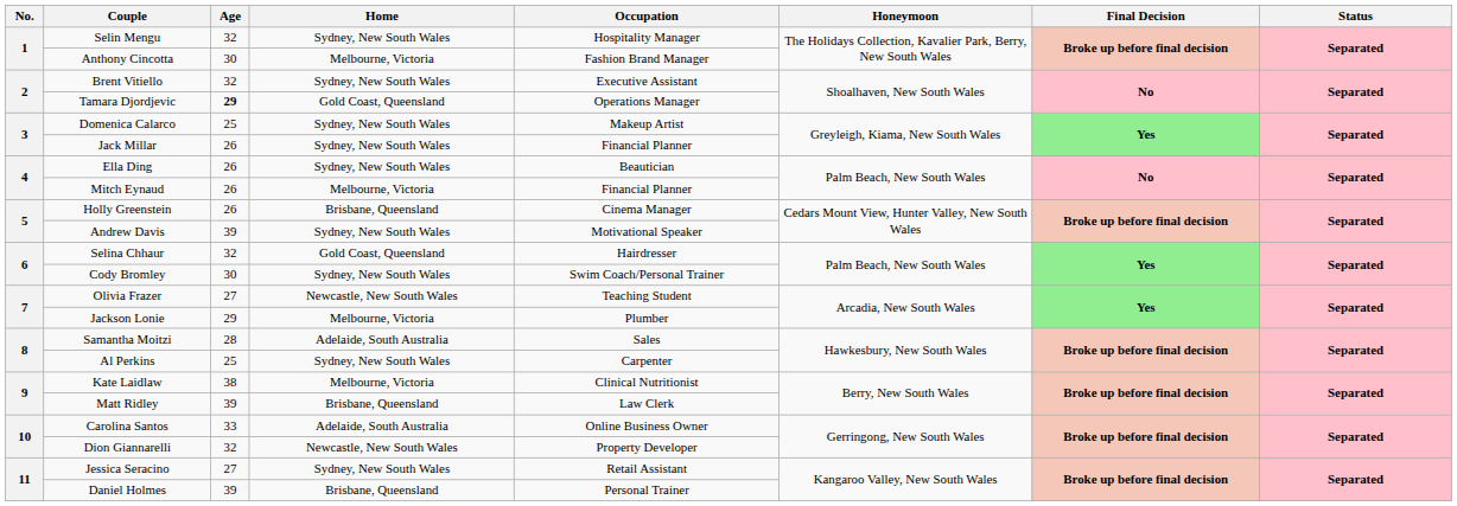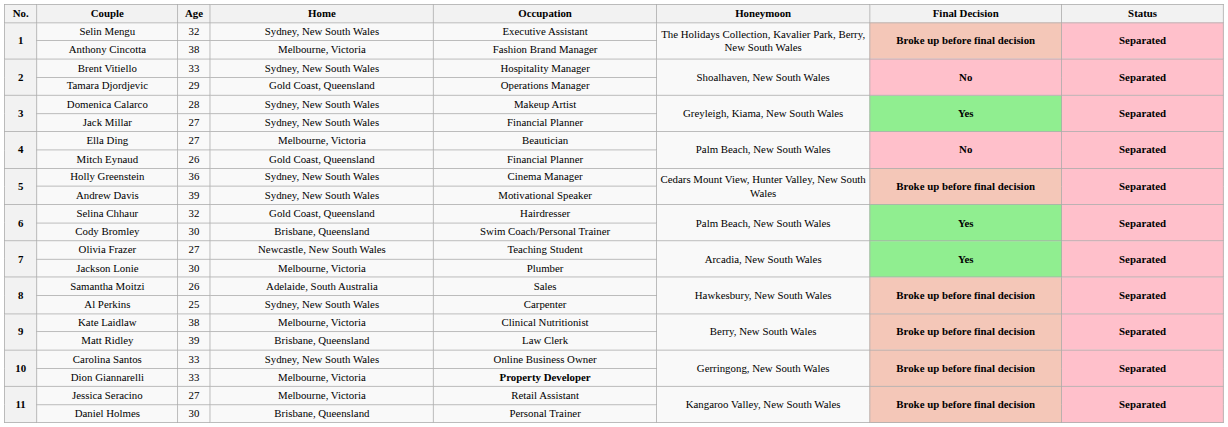 <table class="wikitable plainrowheaders" style="text-align:center; width:100%; font-size:88%;">
 <tr>
 <th width=25>No.</th>
 <th width=130>Couple</th>
 <th width=25>Age</th>
 <th width=210>Home</th>
 <th width=210>Occupation</th>
 <th width=200>Honeymoon</th>
 <th width=180>Final Decision</th>
 <th width=150>Status</th>
 </tr>
 <tr>
 <th rowspan="2">1</th>
 <td>Selin Mengu</td>
 <td>32</td>
 <td>Sydney, New South Wales</td>
-<td>Hospitality Manager</td>
+<td>Executive Assistant</td>
 <td rowspan="2">The Holidays Collection, Kavalier Park, Berry, New South Wales</td>
 <th rowspan="2" style="background:#f4c7b8;">Broke up before final decision</th>
 <th rowspan="2" style="background:pink;">Separated</th>
 </tr>
 <tr>
 <td>Anthony Cincotta</td>
-<td>30</td>
+<td>38</td>
 <td>Melbourne, Victoria</td>
 <td>Fashion Brand Manager</td>
 </tr>
 <tr>
 <th rowspan="2">2</th>
 <td>Brent Vitiello</td>
-<td>32</td>
+<td>33</td>
 <td>Sydney, New South Wales</td>
-<td>Executive Assistant</td>
+<td>Hospitality Manager</td>
 <td rowspan="2">Shoalhaven, New South Wales</td>
 <th rowspan="2" style="background:pink;">No</th>
 <th rowspan="2" style="background:pink;">Separated</th>
 </tr>
 <tr>
 <td>Tamara Djordjevic</td>
-<td><strong>29</strong></td>
+<td>29</td>
 <td>Gold Coast, Queensland</td>
 <td>Operations Manager</td>
 </tr>
 <tr>
 <th rowspan="2">3</th>
 <td>Domenica Calarco</td>
-<td>25</td>
+<td>28</td>
 <td>Sydney, New South Wales</td>
 <td>Makeup Artist</td>
 <td rowspan="2">Greyleigh, Kiama, New South Wales</td>
 <th rowspan="2" style="background:lightgreen;">Yes</th>
 <th rowspan="2" style="background:pink;">Separated</th>
 </tr>
 <tr>
 <td>Jack Millar</td>
-<td>26</td>
+<td>27</td>
 <td>Sydney, New South Wales</td>
 <td>Financial Planner</td>
 </tr>
 <tr>
 <th rowspan="2">4</th>
 <td>Ella Ding</td>
-<td>26</td>
-<td>Sydney, New South Wales</td>
+<td>27</td>
+<td>Melbourne, Victoria</td>
 <td>Beautician</td>
 <td rowspan="2">Palm Beach, New South Wales</td>
 <th rowspan="2" style="background:pink;">No</th>
 <th rowspan="2" style="background:pink;">Separated</th>
 </tr>
 <tr>
 <td>Mitch Eynaud</td>
 <td>26</td>
-<td>Melbourne, Victoria</td>
+<td>Gold Coast, Queensland</td>
 <td>Financial Planner</td>
 </tr>
 <tr>
 <th rowspan="2">5</th>
 <td>Holly Greenstein</td>
-<td>26</td>
-<td>Brisbane, Queensland</td>
+<td>36</td>
+<td>Sydney, New South Wales</td>
 <td>Cinema Manager</td>
 <td rowspan="2">Cedars Mount View, Hunter Valley, New South Wales</td>
 <th rowspan="2" style="background:#f4c7b8;">Broke up before final decision</th>
 <th rowspan="2" style="background:pink;">Separated</th>
 </tr>
 <tr>
 <td>Andrew Davis</td>
 <td>39</td>
 <td>Sydney, New South Wales</td>
 <td>Motivational Speaker</td>
 </tr>
 <tr>
 <th rowspan="2">6</th>
 <td>Selina Chhaur</td>
 <td>32</td>
 <td>Gold Coast, Queensland</td>
 <td>Hairdresser</td>
 <td rowspan="2">Palm Beach, New South Wales</td>
 <th rowspan="2" style="background:lightgreen">Yes</th>
 <th rowspan="2" style="background:pink;">Separated</th>
 </tr>
 <tr>
 <td>Cody Bromley</td>
 <td>30</td>
-<td>Sydney, New South Wales</td>
+<td>Brisbane, Queensland</td>
 <td>Swim Coach/Personal Trainer</td>
 </tr>
 <tr>
 <th rowspan="2">7</th>
 <td>Olivia Frazer</td>
 <td>27</td>
 <td>Newcastle, New South Wales</td>
 <td>Teaching Student</td>
 <td rowspan="2">Arcadia, New South Wales</td>
 <th rowspan="2" style="background:lightgreen">Yes</th>
 <th rowspan="2" style="background:pink;">Separated</th>
 </tr>
 <tr>
 <td>Jackson Lonie</td>
-<td>29</td>
+<td>30</td>
 <td>Melbourne, Victoria</td>
 <td>Plumber</td>
 </tr>
 <tr>
 <th rowspan="2">8</th>
 <td>Samantha Moitzi</td>
-<td>28</td>
+<td>26</td>
 <td>Adelaide, South Australia</td>
 <td>Sales</td>
 <td rowspan="2">Hawkesbury, New South Wales</td>
 <th rowspan="2" style="background:#f4c7b8;">Broke up before final decision</th>
 <th rowspan="2" style="background:pink;">Separated</th>
 </tr>
 <tr>
 <td>Al Perkins</td>
 <td>25</td>
 <td>Sydney, New South Wales</td>
 <td>Carpenter</td>
 </tr>
 <tr>
 <th rowspan="2">9</th>
 <td>Kate Laidlaw</td>
 <td>38</td>
 <td>Melbourne, Victoria</td>
 <td>Clinical Nutritionist</td>
 <td rowspan="2">Berry, New South Wales</td>
 <th rowspan="2" style="background:#f4c7b8;">Broke up before final decision</th>
 <th rowspan="2" style="background:pink;">Separated</th>
 </tr>
 <tr>
 <td>Matt Ridley</td>
 <td>39</td>
 <td>Brisbane, Queensland</td>
 <td>Law Clerk</td>
 </tr>
 <tr>
 <th rowspan="2">10</th>
 <td>Carolina Santos</td>
 <td>33</td>
-<td>Adelaide, South Australia</td>
+<td>Sydney, New South Wales</td>
 <td>Online Business Owner</td>
 <td rowspan="2">Gerringong, New South Wales</td>
 <th ! rowspan="2" style="background:#f4c7b8;">Broke up before final decision</th>
 <th rowspan="2" style="background:pink;">Separated</th>
 </tr>
 <tr>
 <td>Dion Giannarelli</td>
-<td>32</td>
-<td>Newcastle, New South Wales</td>
-<td>Property Developer</td>
+<td>33</td>
+<td>Melbourne, Victoria</td>
+<td><strong>Property Developer</strong></td>
 </tr>
 <tr>
 <th rowspan="2">11</th>
 <td>Jessica Seracino</td>
 <td>27</td>
-<td>Sydney, New South Wales</td>
+<td>Melbourne, Victoria</td>
 <td>Retail Assistant</td>
 <td rowspan="2">Kangaroo Valley, New South Wales</td>
 <th rowspan="2" style="background:#f4c7b8;">Broke up before final decision</th>
 <th rowspan="2" style="background:pink;">Separated</th>
 </tr>
 <tr>
 <td>Daniel Holmes</td>
-<td>39</td>
+<td>30</td>
 <td>Brisbane, Queensland</td>
 <td>Personal Trainer</td>
 </tr>
 </table>
